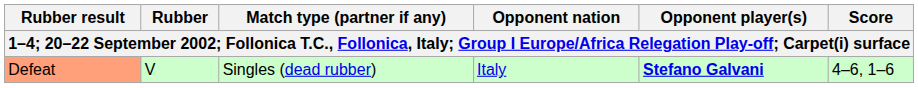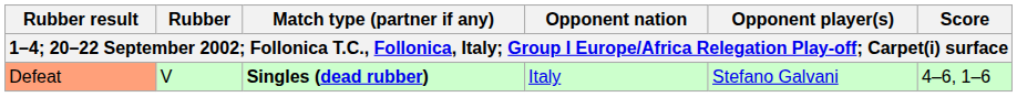 <table class=wikitable style=font-size:96%>
 <tr>
 <th scope="col">Rubber result</th>
 <th scope="col">Rubber</th>
 <th scope="col">Match type (partner if any)</th>
 <th scope="col">Opponent nation</th>
 <th scope="col">Opponent player(s)</th>
 <th scope="col">Score</th>
 </tr>
 <tr>
 <th colspan=7>1–4; 20–22 September 2002; Follonica T.C., <a href='#'>Follonica</a>, Italy; <a href='#'>Group I Europe/Africa Relegation Play-off</a>; Carpet(i) surface</th>
 </tr>
 <tr style="background:#cfc;">
 <td bgcolor=FFA07A>Defeat</td>
 <td>V</td>
-<td>Singles (<a href='#'>dead rubber</a>)</td>
+<td><strong>Singles (<a href='#'>dead rubber</a>)</strong></td>
 <td> <a href='#'>Italy</a></td>
-<td><strong><a href='#'>Stefano Galvani</a></strong></td>
+<td><a href='#'>Stefano Galvani</a></td>
 <td>4–6, 1–6</td>
 </tr>
 </table>
